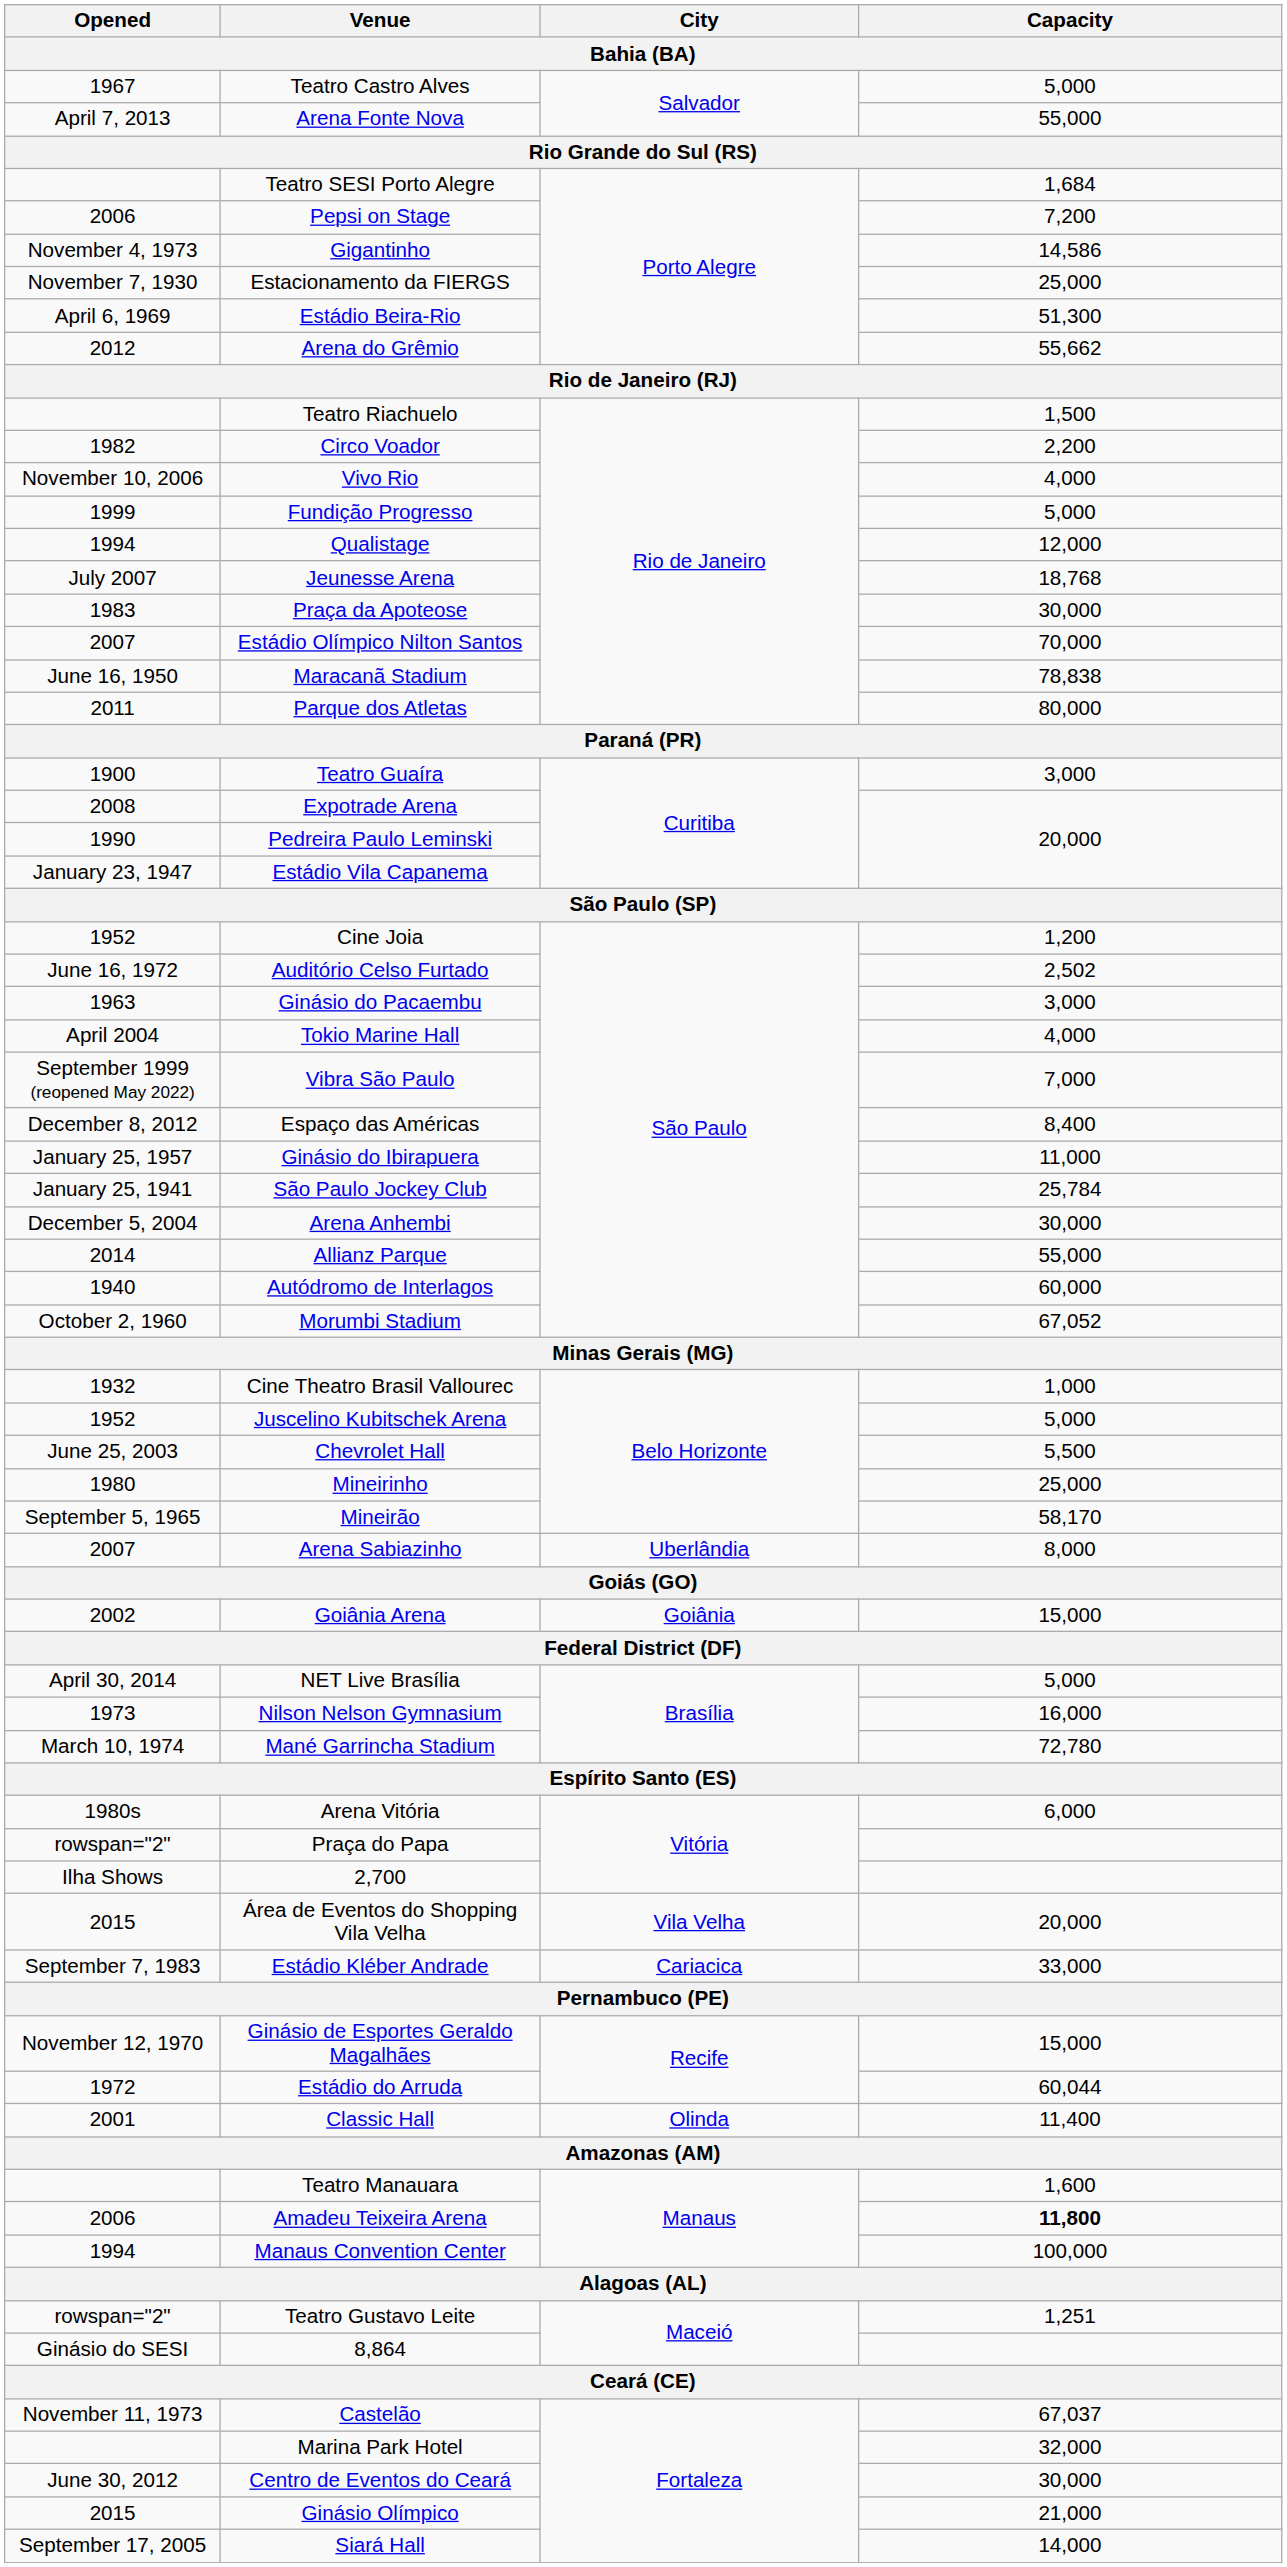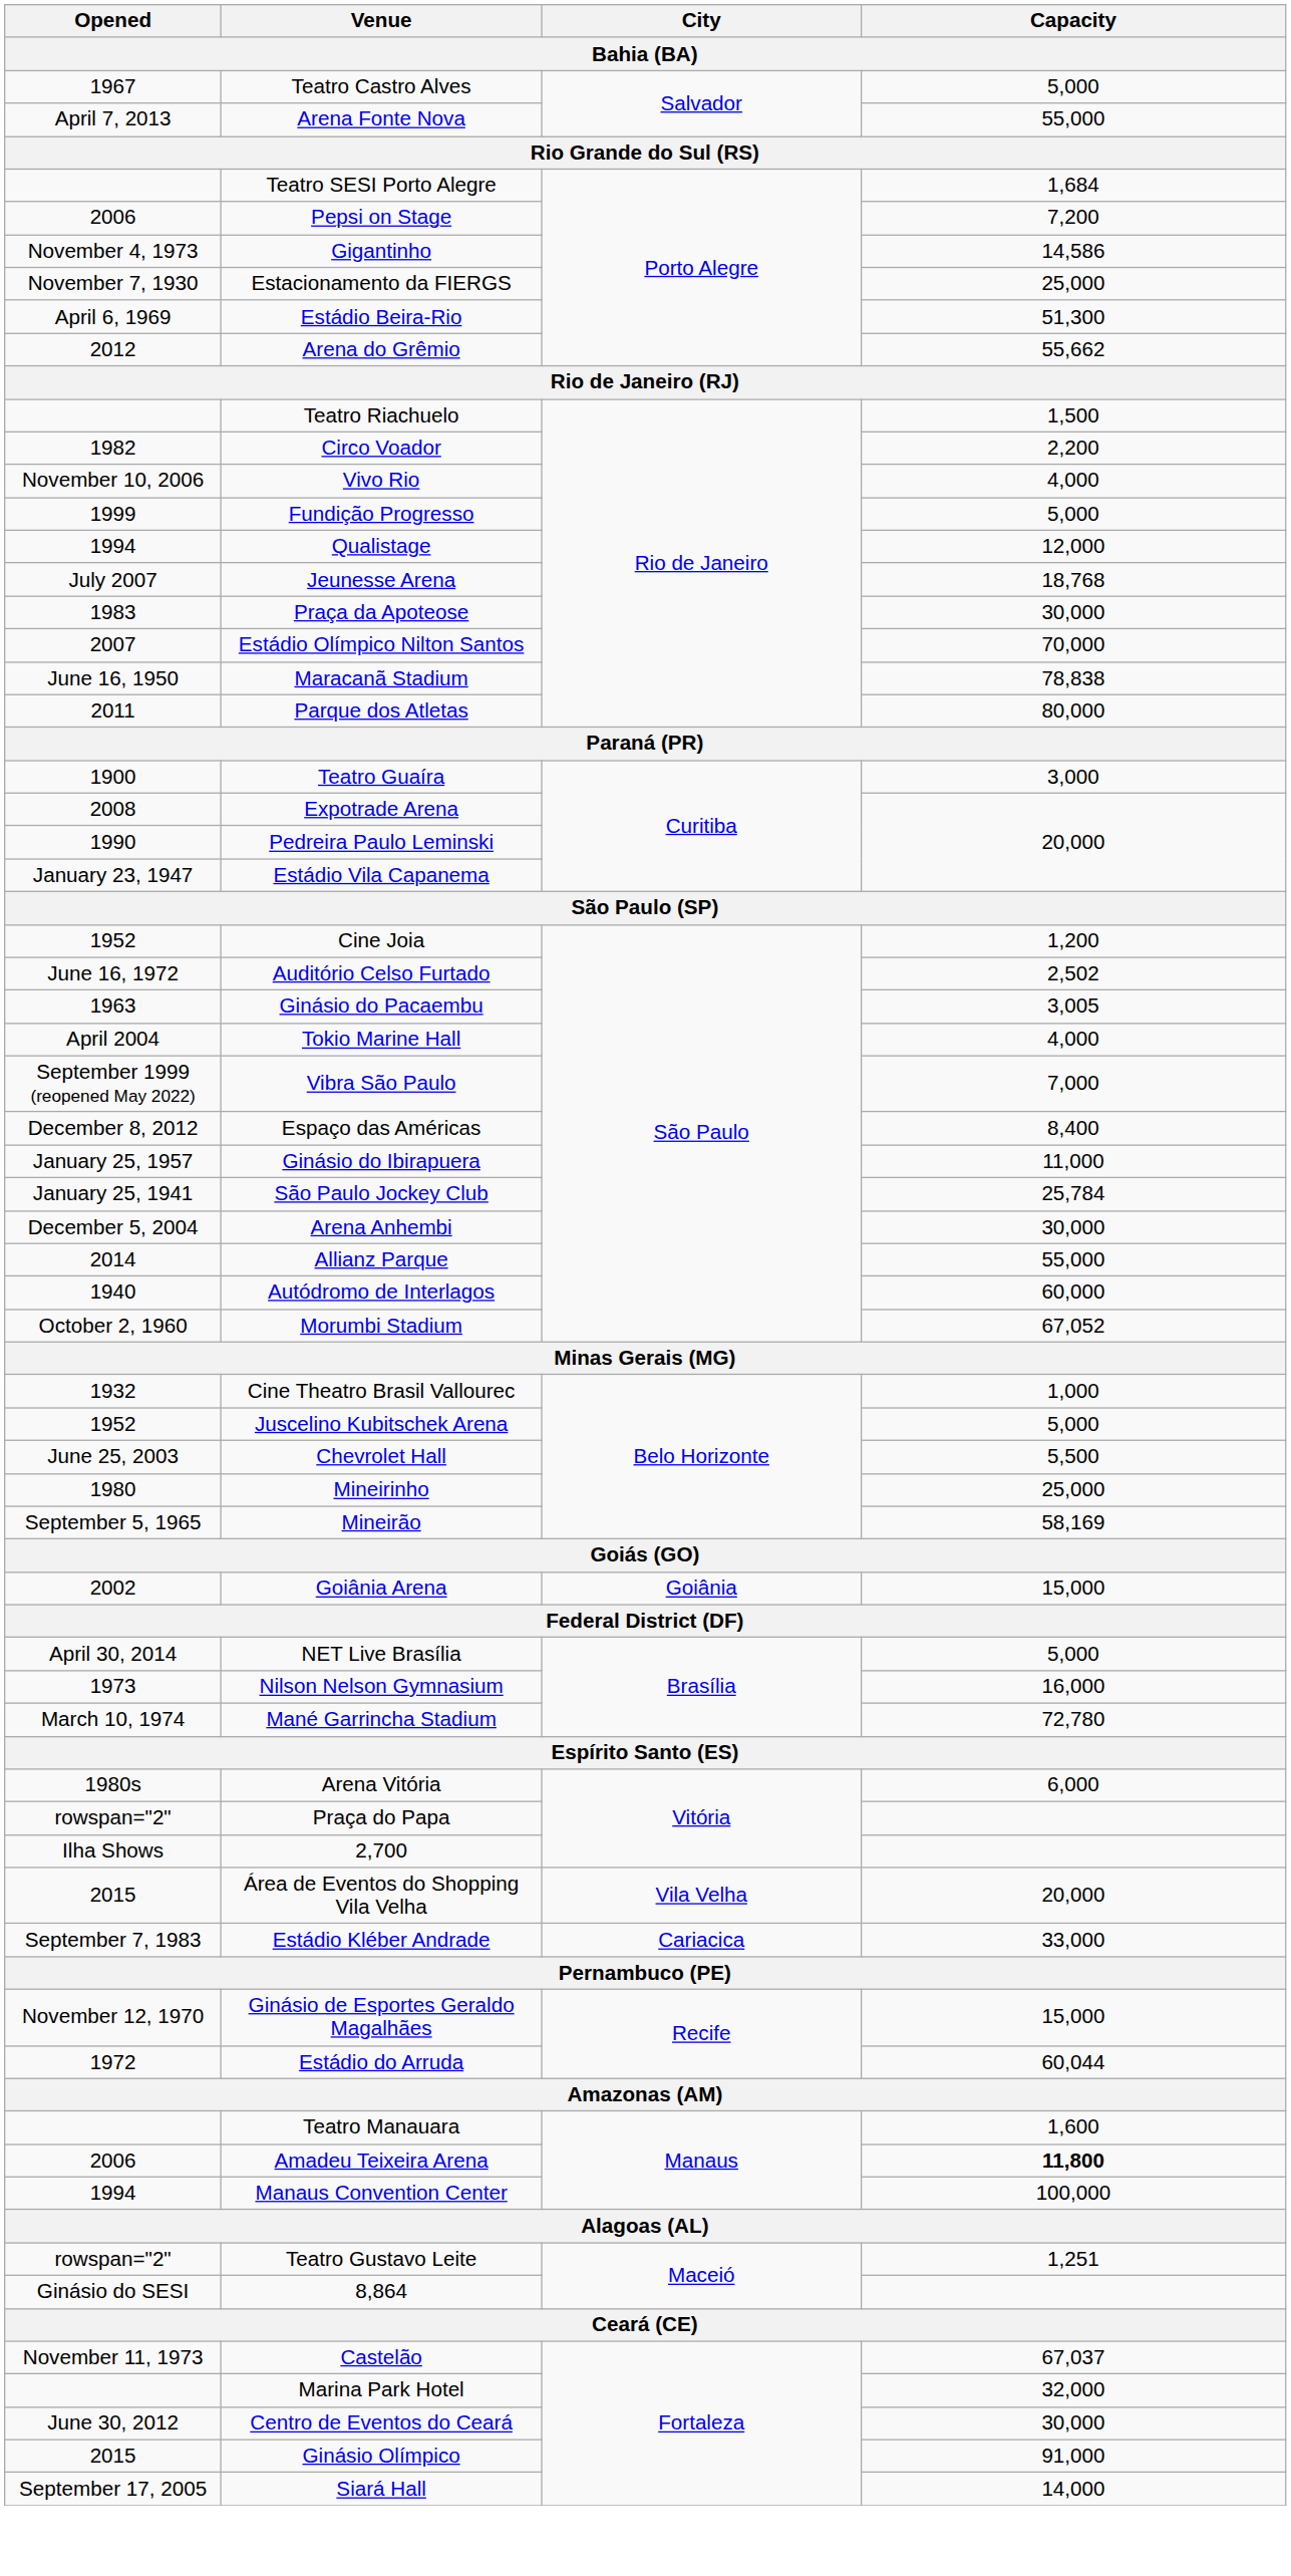 <table class="wikitable" style="text-align:center;">
 <tr>
 <th scope="col" style="width:10em;">Opened</th>
 <th scope="col" style="width:15em;">Venue</th>
 <th scope="col" style="width:15em;">City</th>
 <th scope="col" style="width:20em;">Capacity</th>
 </tr>
 <tr>
 <th colspan="4">Bahia (BA)</th>
 </tr>
 <tr>
 <td>1967</td>
 <td>Teatro Castro Alves</td>
 <td rowspan="2"><a href='#'>Salvador</a></td>
 <td>5,000</td>
 </tr>
 <tr>
 <td>April 7, 2013</td>
 <td><a href='#'>Arena Fonte Nova</a></td>
 <td>55,000</td>
 </tr>
 <tr>
 <th colspan="4">Rio Grande do Sul (RS)</th>
 </tr>
 <tr>
 <td></td>
 <td>Teatro SESI Porto Alegre</td>
 <td rowspan="6"><a href='#'>Porto Alegre</a></td>
 <td>1,684</td>
 </tr>
 <tr>
 <td>2006</td>
 <td><a href='#'>Pepsi on Stage</a></td>
 <td>7,200</td>
 </tr>
 <tr>
 <td>November 4, 1973</td>
 <td><a href='#'>Gigantinho</a></td>
 <td>14,586</td>
 </tr>
 <tr>
 <td>November 7, 1930</td>
 <td>Estacionamento da FIERGS</td>
 <td>25,000</td>
 </tr>
 <tr>
 <td>April 6, 1969</td>
 <td><a href='#'>Estádio Beira-Rio</a></td>
 <td>51,300</td>
 </tr>
 <tr>
 <td>2012</td>
 <td><a href='#'>Arena do Grêmio</a></td>
 <td>55,662</td>
 </tr>
 <tr>
 <th colspan="4">Rio de Janeiro (RJ)</th>
 </tr>
 <tr>
 <td></td>
 <td>Teatro Riachuelo</td>
 <td rowspan="10"><a href='#'>Rio de Janeiro</a></td>
 <td>1,500</td>
 </tr>
 <tr>
 <td>1982</td>
 <td><a href='#'>Circo Voador</a></td>
 <td>2,200</td>
 </tr>
 <tr>
 <td>November 10, 2006</td>
 <td><a href='#'>Vivo Rio</a></td>
 <td>4,000</td>
 </tr>
 <tr>
 <td>1999</td>
 <td><a href='#'>Fundição Progresso</a></td>
 <td>5,000</td>
 </tr>
 <tr>
 <td>1994</td>
 <td><a href='#'>Qualistage</a></td>
 <td>12,000</td>
 </tr>
 <tr>
 <td>July 2007</td>
 <td><a href='#'>Jeunesse Arena</a></td>
 <td>18,768</td>
 </tr>
 <tr>
 <td>1983</td>
 <td><a href='#'>Praça da Apoteose</a></td>
 <td>30,000</td>
 </tr>
 <tr>
 <td>2007</td>
 <td><a href='#'>Estádio Olímpico Nilton Santos</a></td>
 <td>70,000</td>
 </tr>
 <tr>
 <td>June 16, 1950</td>
 <td><a href='#'>Maracanã Stadium</a></td>
 <td>78,838</td>
 </tr>
 <tr>
 <td>2011</td>
 <td><a href='#'>Parque dos Atletas</a></td>
 <td>80,000</td>
 </tr>
 <tr>
 <th colspan="4">Paraná (PR)</th>
 </tr>
 <tr>
 <td>1900</td>
 <td><a href='#'>Teatro Guaíra</a></td>
 <td rowspan="4"><a href='#'>Curitiba</a></td>
 <td>3,000</td>
 </tr>
 <tr>
 <td>2008</td>
 <td><a href='#'>Expotrade Arena</a></td>
 <td rowspan="3">20,000</td>
 </tr>
 <tr>
 <td>1990</td>
 <td><a href='#'>Pedreira Paulo Leminski</a></td>
 </tr>
 <tr>
 <td>January 23, 1947</td>
 <td><a href='#'>Estádio Vila Capanema</a></td>
 </tr>
 <tr>
 <th colspan="4">São Paulo (SP)</th>
 </tr>
 <tr>
 <td>1952</td>
 <td>Cine Joia</td>
 <td rowspan="12"><a href='#'>São Paulo</a></td>
 <td>1,200</td>
 </tr>
 <tr>
 <td>June 16, 1972</td>
 <td><a href='#'>Auditório Celso Furtado</a></td>
 <td>2,502</td>
 </tr>
 <tr>
 <td>1963</td>
 <td><a href='#'>Ginásio do Pacaembu</a></td>
-<td>3,000</td>
+<td>3,005</td>
 </tr>
 <tr>
 <td>April 2004</td>
 <td><a href='#'>Tokio Marine Hall</a></td>
 <td>4,000</td>
 </tr>
 <tr>
 <td>September 1999 <small>(reopened May 2022)</small></td>
 <td><a href='#'>Vibra São Paulo</a></td>
 <td>7,000</td>
 </tr>
 <tr>
 <td>December 8, 2012</td>
 <td>Espaço das Américas</td>
 <td>8,400</td>
 </tr>
 <tr>
 <td>January 25, 1957</td>
 <td><a href='#'>Ginásio do Ibirapuera</a></td>
 <td>11,000</td>
 </tr>
 <tr>
 <td>January 25, 1941</td>
 <td><a href='#'>São Paulo Jockey Club</a></td>
 <td>25,784</td>
 </tr>
 <tr>
 <td>December 5, 2004</td>
 <td><a href='#'>Arena Anhembi</a></td>
 <td>30,000</td>
 </tr>
 <tr>
 <td>2014</td>
 <td><a href='#'>Allianz Parque</a></td>
 <td>55,000</td>
 </tr>
 <tr>
 <td>1940</td>
 <td><a href='#'>Autódromo de Interlagos</a></td>
 <td>60,000</td>
 </tr>
 <tr>
 <td>October 2, 1960</td>
 <td><a href='#'>Morumbi Stadium</a></td>
 <td>67,052</td>
 </tr>
 <tr>
 <th colspan="4">Minas Gerais (MG)</th>
 </tr>
 <tr>
 <td>1932</td>
 <td>Cine Theatro Brasil Vallourec</td>
 <td rowspan="5"><a href='#'>Belo Horizonte</a></td>
 <td>1,000</td>
 </tr>
 <tr>
 <td>1952</td>
 <td><a href='#'>Juscelino Kubitschek Arena</a></td>
 <td>5,000</td>
 </tr>
 <tr>
 <td>June 25, 2003</td>
 <td><a href='#'>Chevrolet Hall</a></td>
 <td>5,500</td>
 </tr>
 <tr>
 <td>1980</td>
 <td><a href='#'>Mineirinho</a></td>
 <td>25,000</td>
 </tr>
 <tr>
 <td>September 5, 1965</td>
 <td><a href='#'>Mineirão</a></td>
-<td>58,170</td>
-</tr>
-<tr>
-<td>2007</td>
-<td><a href='#'>Arena Sabiazinho</a></td>
-<td><a href='#'>Uberlândia</a></td>
-<td>8,000</td>
+<td>58,169</td>
 </tr>
 <tr>
 <th colspan="4">Goiás (GO)</th>
 </tr>
 <tr>
 <td>2002</td>
 <td><a href='#'>Goiânia Arena</a></td>
 <td><a href='#'>Goiânia</a></td>
 <td>15,000</td>
 </tr>
 <tr>
 <th colspan="4">Federal District (DF)</th>
 </tr>
 <tr>
 <td>April 30, 2014</td>
 <td>NET Live Brasília</td>
 <td rowspan="3"><a href='#'>Brasília</a></td>
 <td>5,000</td>
 </tr>
 <tr>
 <td>1973</td>
 <td><a href='#'>Nilson Nelson Gymnasium</a></td>
 <td>16,000</td>
 </tr>
 <tr>
 <td>March 10, 1974</td>
 <td><a href='#'>Mané Garrincha Stadium</a></td>
 <td>72,780</td>
 </tr>
 <tr>
 <th colspan="4">Espírito Santo (ES)</th>
 </tr>
 <tr>
 <td>1980s</td>
 <td>Arena Vitória</td>
 <td rowspan="3"><a href='#'>Vitória</a></td>
 <td>6,000</td>
 </tr>
 <tr>
 <td>rowspan="2" </td>
 <td>Praça do Papa</td>
 <td></td>
 </tr>
 <tr>
 <td>Ilha Shows</td>
 <td>2,700</td>
 </tr>
 <tr>
 <td>2015</td>
 <td>Área de Eventos do Shopping Vila Velha</td>
 <td><a href='#'>Vila Velha</a></td>
 <td>20,000</td>
 </tr>
 <tr>
 <td>September 7, 1983</td>
 <td><a href='#'>Estádio Kléber Andrade</a></td>
 <td><a href='#'>Cariacica</a></td>
 <td>33,000</td>
 </tr>
 <tr>
 <th colspan="4">Pernambuco (PE)</th>
 </tr>
 <tr>
 <td>November 12, 1970</td>
 <td><a href='#'>Ginásio de Esportes Geraldo Magalhães</a></td>
 <td rowspan="2"><a href='#'>Recife</a></td>
 <td>15,000</td>
 </tr>
 <tr>
 <td>1972</td>
 <td><a href='#'>Estádio do Arruda</a></td>
 <td>60,044</td>
 </tr>
 <tr>
-<td>2001</td>
-<td><a href='#'>Classic Hall</a></td>
-<td><a href='#'>Olinda</a></td>
-<td>11,400</td>
-</tr>
-<tr>
 <th colspan="4">Amazonas (AM)</th>
 </tr>
 <tr>
 <td></td>
 <td>Teatro Manauara</td>
 <td rowspan="3"><a href='#'>Manaus</a></td>
 <td>1,600</td>
 </tr>
 <tr>
 <td>2006</td>
 <td><a href='#'>Amadeu Teixeira Arena</a></td>
 <td><strong>11,800</strong></td>
 </tr>
 <tr>
 <td>1994</td>
 <td><a href='#'>Manaus Convention Center</a></td>
 <td>100,000</td>
 </tr>
 <tr>
 <th colspan="4">Alagoas (AL)</th>
 </tr>
 <tr>
 <td>rowspan="2" </td>
 <td>Teatro Gustavo Leite</td>
 <td rowspan="2"><a href='#'>Maceió</a></td>
 <td>1,251</td>
 </tr>
 <tr>
 <td>Ginásio do SESI</td>
 <td>8,864</td>
 </tr>
 <tr>
 <th colspan="4">Ceará (CE)</th>
 </tr>
 <tr>
 <td>November 11, 1973</td>
 <td><a href='#'>Castelão</a></td>
 <td rowspan="5"><a href='#'>Fortaleza</a></td>
 <td>67,037</td>
 </tr>
 <tr>
 <td></td>
 <td>Marina Park Hotel</td>
 <td>32,000</td>
 </tr>
 <tr>
 <td>June 30, 2012</td>
 <td><a href='#'>Centro de Eventos do Ceará</a></td>
 <td>30,000</td>
 </tr>
 <tr>
 <td>2015</td>
 <td><a href='#'>Ginásio Olímpico</a></td>
-<td>21,000</td>
+<td>91,000</td>
 </tr>
 <tr>
 <td>September 17, 2005</td>
 <td><a href='#'>Siará Hall</a></td>
 <td>14,000</td>
 </tr>
 </table>
